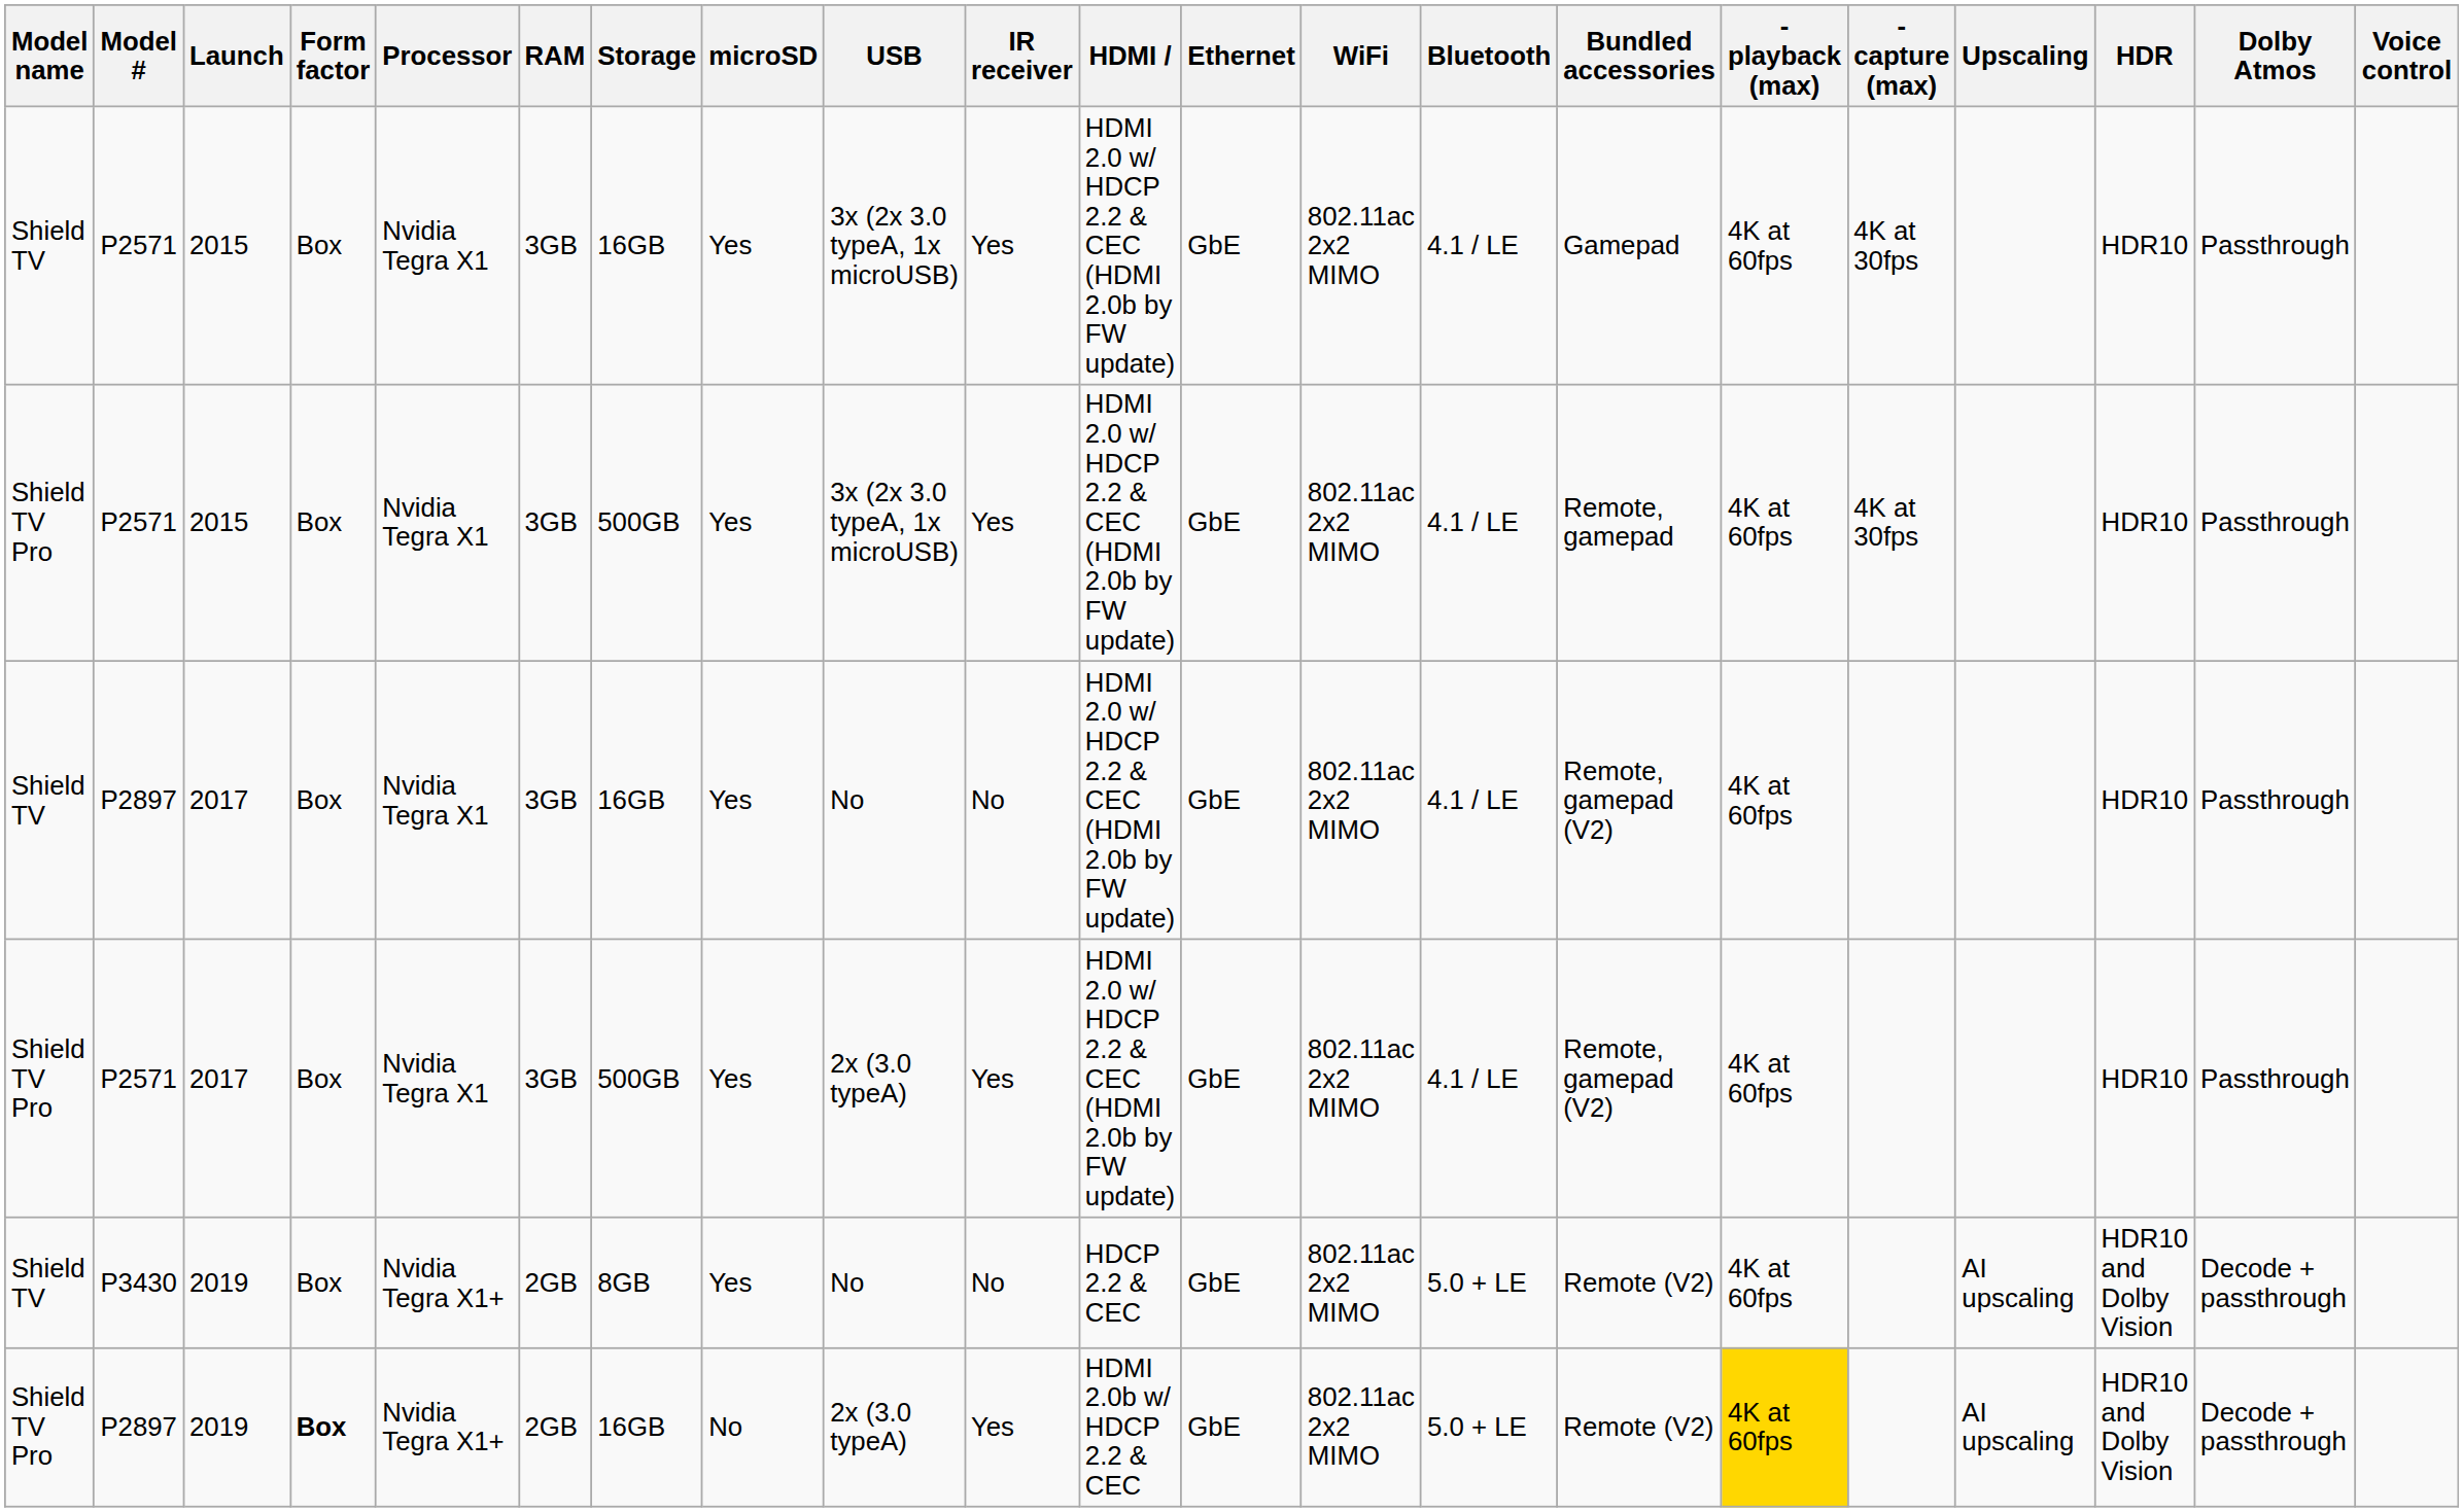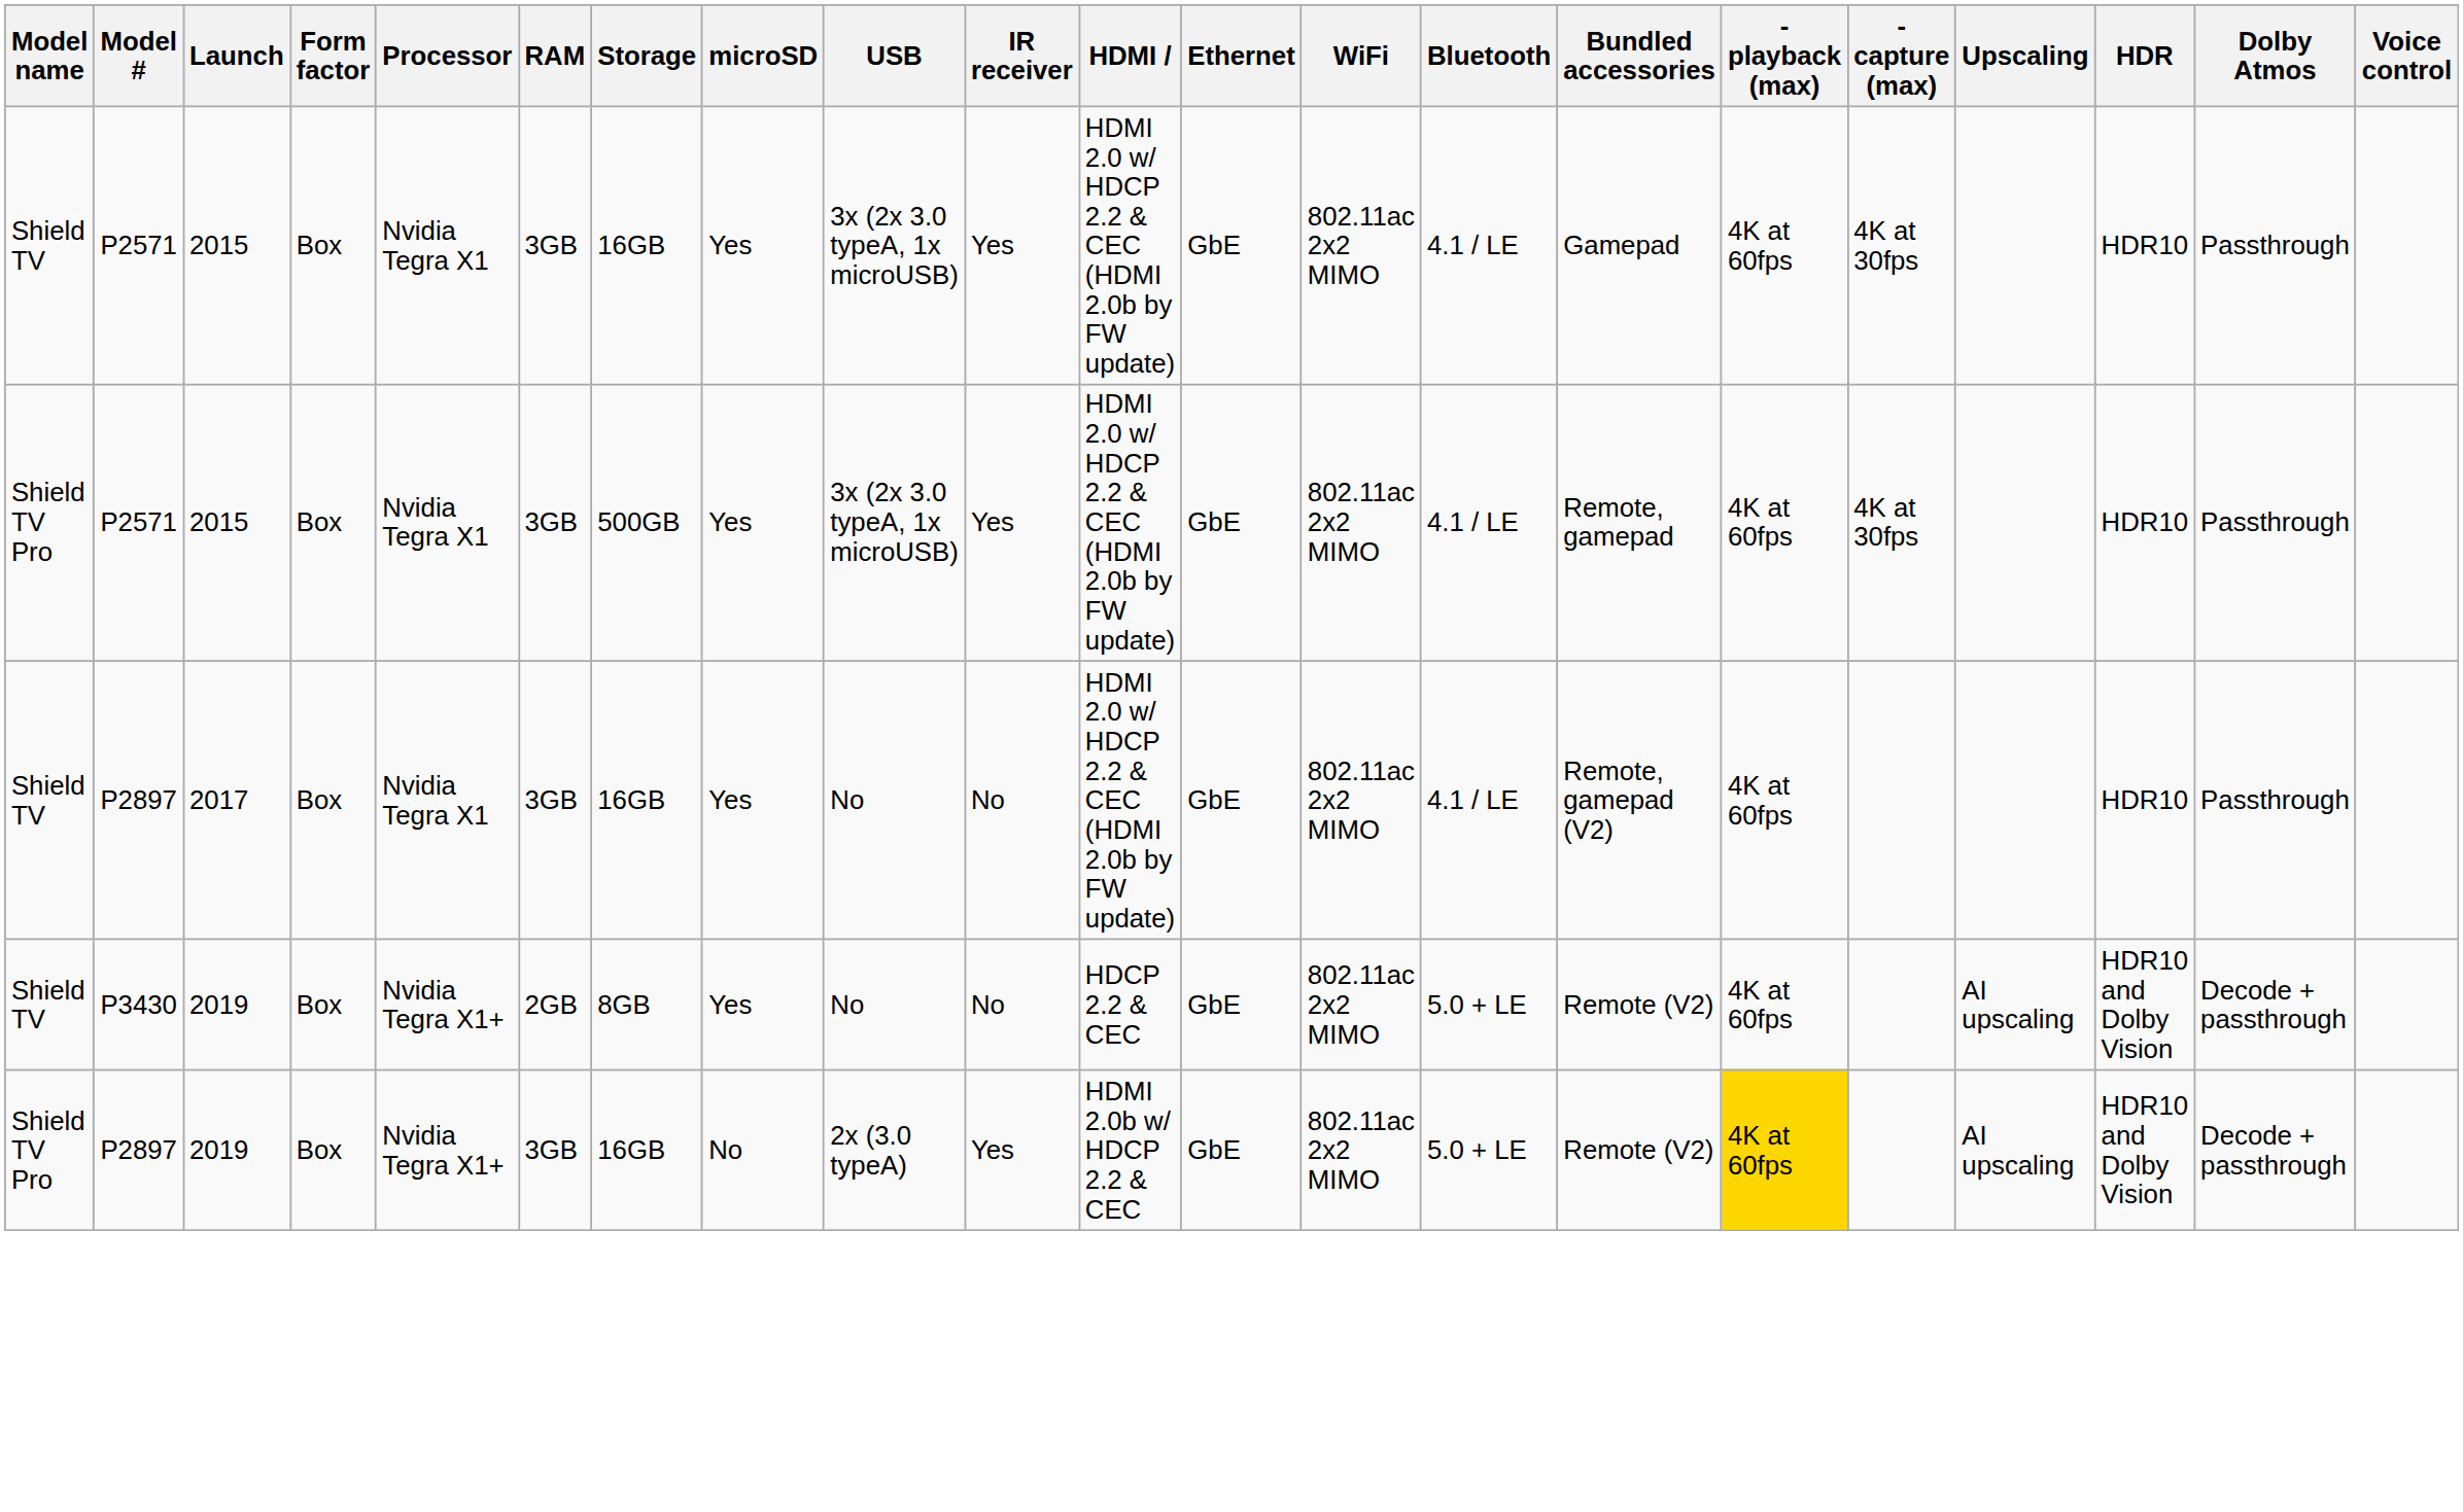 <table class="wikitable" style="font-size: 90%;">
 <tr>
 <th>Model name</th>
 <th>Model #</th>
 <th>Launch</th>
 <th>Form factor</th>
 <th>Processor</th>
 <th>RAM</th>
 <th>Storage</th>
 <th>microSD</th>
 <th>USB</th>
 <th>IR receiver</th>
 <th>HDMI / </th>
 <th>Ethernet</th>
 <th>WiFi</th>
 <th>Bluetooth</th>
 <th>Bundled accessories</th>
 <th>- playback (max)</th>
 <th>- capture (max)</th>
 <th>Upscaling</th>
 <th>HDR</th>
 <th>Dolby Atmos</th>
 <th>Voice control</th>
 </tr>
 <tr>
 <td>Shield TV</td>
 <td>P2571</td>
 <td>2015</td>
 <td>Box</td>
 <td>Nvidia Tegra X1</td>
 <td>3GB</td>
 <td>16GB</td>
 <td>Yes</td>
 <td>3x (2x 3.0 typeA, 1x microUSB)</td>
 <td>Yes</td>
 <td>HDMI 2.0 w/ HDCP 2.2 & CEC (HDMI 2.0b by FW update)</td>
 <td>GbE</td>
 <td>802.11ac 2x2 MIMO</td>
 <td>4.1 / LE</td>
 <td>Gamepad</td>
 <td>4K at 60fps</td>
 <td>4K at 30fps</td>
 <td></td>
 <td>HDR10</td>
 <td>Passthrough</td>
 <td></td>
 </tr>
 <tr>
 <td>Shield TV Pro</td>
 <td>P2571</td>
 <td>2015</td>
 <td>Box</td>
 <td>Nvidia Tegra X1</td>
 <td>3GB</td>
 <td>500GB</td>
 <td>Yes</td>
 <td>3x (2x 3.0 typeA, 1x microUSB)</td>
 <td>Yes</td>
 <td>HDMI 2.0 w/ HDCP 2.2 & CEC (HDMI 2.0b by FW update)</td>
 <td>GbE</td>
 <td>802.11ac 2x2 MIMO</td>
 <td>4.1 / LE</td>
 <td>Remote, gamepad</td>
 <td>4K at 60fps</td>
 <td>4K at 30fps</td>
 <td></td>
 <td>HDR10</td>
 <td>Passthrough</td>
 <td></td>
 </tr>
 <tr>
 <td>Shield TV</td>
 <td>P2897</td>
 <td>2017</td>
 <td>Box</td>
 <td>Nvidia Tegra X1</td>
 <td>3GB</td>
 <td>16GB</td>
 <td>Yes</td>
 <td>No</td>
 <td>No</td>
 <td>HDMI 2.0 w/ HDCP 2.2 & CEC (HDMI 2.0b by FW update)</td>
 <td>GbE</td>
 <td>802.11ac 2x2 MIMO</td>
 <td>4.1 / LE</td>
 <td>Remote, gamepad (V2)</td>
 <td>4K at 60fps</td>
 <td></td>
 <td></td>
 <td>HDR10</td>
 <td>Passthrough</td>
 <td></td>
 </tr>
 <tr>
-<td>Shield TV Pro</td>
-<td>P2571</td>
-<td>2017</td>
-<td>Box</td>
-<td>Nvidia Tegra X1</td>
-<td>3GB</td>
-<td>500GB</td>
-<td>Yes</td>
-<td>2x (3.0 typeA)</td>
-<td>Yes</td>
-<td>HDMI 2.0 w/ HDCP 2.2 & CEC (HDMI 2.0b by FW update)</td>
-<td>GbE</td>
-<td>802.11ac 2x2 MIMO</td>
-<td>4.1 / LE</td>
-<td>Remote, gamepad (V2)</td>
-<td>4K at 60fps</td>
-<td></td>
-<td></td>
-<td>HDR10</td>
-<td>Passthrough</td>
-<td></td>
-</tr>
-<tr>
 <td>Shield TV</td>
 <td>P3430</td>
 <td>2019</td>
 <td>Box</td>
 <td>Nvidia Tegra X1+</td>
 <td>2GB</td>
 <td>8GB</td>
 <td>Yes</td>
 <td>No</td>
 <td>No</td>
 <td> HDCP 2.2 & CEC</td>
 <td>GbE</td>
 <td>802.11ac 2x2 MIMO</td>
 <td>5.0 + LE</td>
 <td>Remote (V2)</td>
 <td>4K at 60fps</td>
 <td></td>
 <td>AI upscaling</td>
 <td>HDR10 and Dolby Vision</td>
 <td>Decode + passthrough</td>
 <td></td>
 </tr>
 <tr>
 <td>Shield TV Pro</td>
 <td>P2897</td>
 <td>2019</td>
-<td><strong>Box</strong></td>
+<td>Box</td>
 <td>Nvidia Tegra X1+</td>
-<td>2GB</td>
+<td>3GB</td>
 <td>16GB</td>
 <td>No</td>
 <td>2x (3.0 typeA)</td>
 <td>Yes</td>
 <td>HDMI 2.0b w/ HDCP 2.2 & CEC</td>
 <td>GbE</td>
 <td>802.11ac 2x2 MIMO</td>
 <td>5.0 + LE</td>
 <td>Remote (V2)</td>
 <td style="background: gold;">4K at 60fps</td>
 <td></td>
 <td>AI upscaling</td>
 <td>HDR10 and Dolby Vision</td>
 <td>Decode + passthrough</td>
 <td></td>
 </tr>
 </table>
